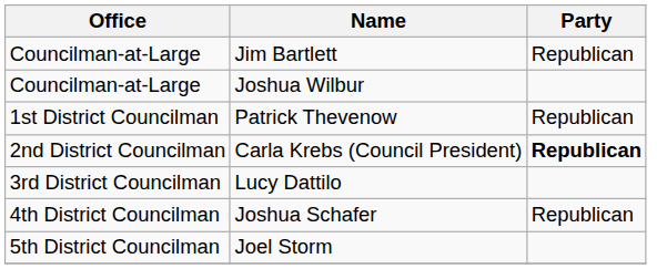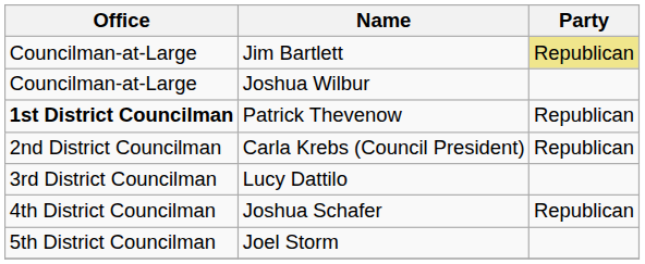 <table class="wikitable">
 <tr>
 <th>Office</th>
 <th>Name</th>
 <th>Party</th>
 </tr>
 <tr>
 <td>Councilman-at-Large</td>
 <td>Jim Bartlett</td>
-<td>Republican</td>
+<td style="background: khaki;">Republican</td>
 </tr>
 <tr>
 <td>Councilman-at-Large</td>
 <td>Joshua Wilbur</td>
 <td></td>
 </tr>
 <tr>
-<td>1st District Councilman</td>
+<td><strong>1st District Councilman</strong></td>
 <td>Patrick Thevenow</td>
 <td>Republican</td>
 </tr>
 <tr>
 <td>2nd District Councilman</td>
 <td>Carla Krebs (Council President)</td>
-<td><strong>Republican</strong></td>
+<td>Republican</td>
 </tr>
 <tr>
 <td>3rd District Councilman</td>
 <td>Lucy Dattilo</td>
 <td></td>
 </tr>
 <tr>
 <td>4th District Councilman</td>
 <td>Joshua Schafer</td>
 <td>Republican</td>
 </tr>
 <tr>
 <td>5th District Councilman</td>
 <td>Joel Storm</td>
 <td></td>
 </tr>
 <tr>
 </tr>
 </table>
